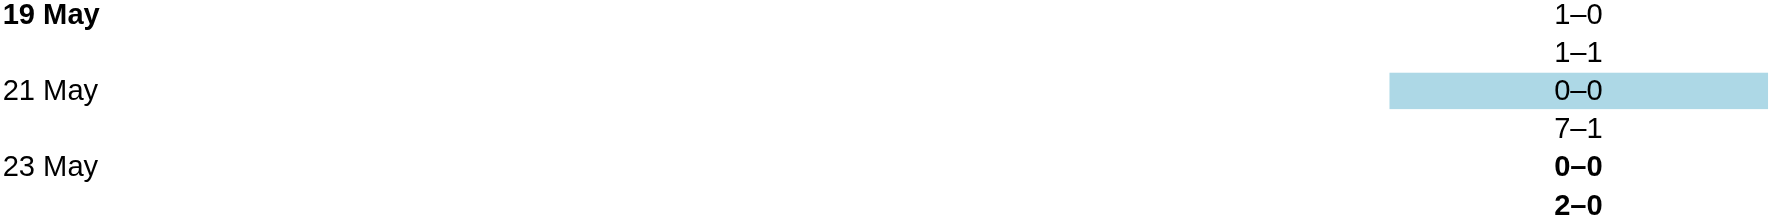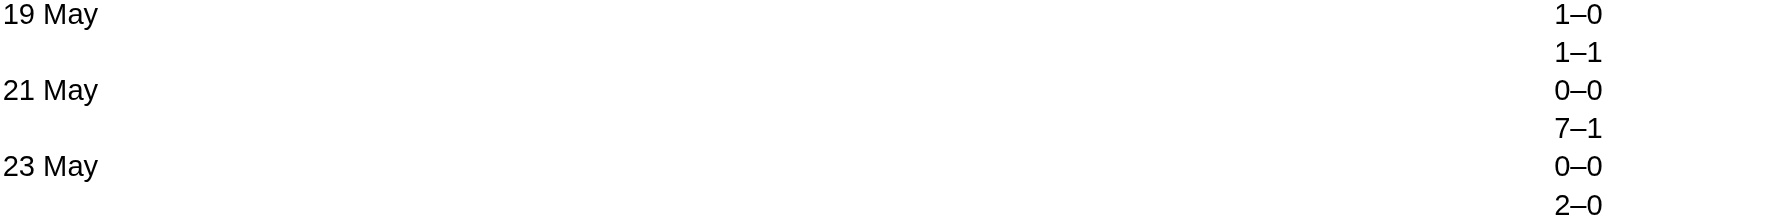 <table cellspacing=1 width=70%>
 <tr>
 <th width=25%></th>
 <th width=30%></th>
 <th width=15%></th>
 <th width=30%></th>
 </tr>
 <tr>
-<td><strong>19 May</strong></td>
+<td>19 May</td>
 <td align=right></td>
 <td align=center>1–0</td>
 <td></td>
 </tr>
 <tr>
 <td></td>
 <td align=right></td>
 <td align=center>1–1</td>
 <td></td>
 </tr>
 <tr>
 <td>21 May</td>
 <td align=right></td>
-<td align=center style="background: lightblue;">0–0</td>
+<td align=center>0–0</td>
 <td></td>
 </tr>
 <tr>
 <td></td>
 <td align=right></td>
 <td align=center>7–1</td>
 <td></td>
 </tr>
 <tr>
 <td>23 May</td>
 <td align=right></td>
-<td align=center><strong>0–0</strong></td>
+<td align=center>0–0</td>
 <td></td>
 </tr>
 <tr>
 <td></td>
 <td align=right></td>
-<td align=center><strong>2–0</strong></td>
+<td align=center>2–0</td>
 <td></td>
 </tr>
 </table>
